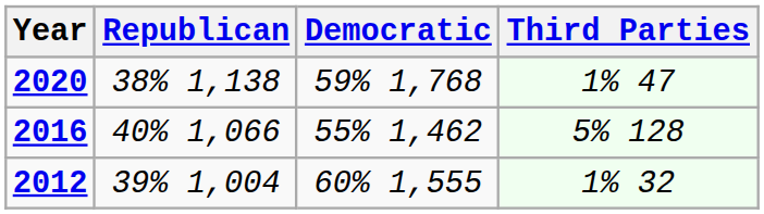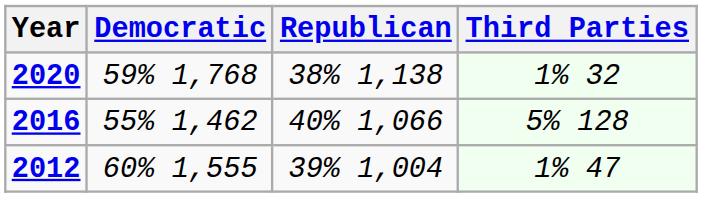 <table class="wikitable" style="float:right; font-size:95%;">
 <tr bgcolor=lightgrey>
 <th>Year</th>
+<th><a href='#'>Democratic</a></th>
 <th><a href='#'>Republican</a></th>
-<th><a href='#'>Democratic</a></th>
 <th><a href='#'>Third Parties</a></th>
 </tr>
 <tr>
 <td style="text-align:center; "><strong><a href='#'>2020</a></strong></td>
+<td style="text-align:center; "><em>59%</em> <em>1,768</em></td>
 <td style="text-align:center; "><em>38%</em> <em>1,138</em></td>
-<td style="text-align:center; "><em>59%</em> <em>1,768</em></td>
-<td style="text-align:center; background:honeyDew;"><em>1%</em> <em>47</em></td>
+<td style="text-align:center; background:honeyDew;"><em>1%</em> <em>32</em></td>
 </tr>
 <tr>
 <td style="text-align:center; "><strong><a href='#'>2016</a></strong></td>
+<td style="text-align:center; "><em>55%</em> <em>1,462</em></td>
 <td style="text-align:center; "><em>40%</em> <em>1,066</em></td>
-<td style="text-align:center; "><em>55%</em> <em>1,462</em></td>
 <td style="text-align:center; background:honeyDew;"><em>5%</em> <em>128</em></td>
 </tr>
 <tr>
 <td style="text-align:center; "><strong><a href='#'>2012</a></strong></td>
+<td style="text-align:center; "><em>60%</em> <em>1,555</em></td>
 <td style="text-align:center; "><em>39%</em> <em>1,004</em></td>
-<td style="text-align:center; "><em>60%</em> <em>1,555</em></td>
-<td style="text-align:center; background:honeyDew;"><em>1%</em> <em>32</em></td>
+<td style="text-align:center; background:honeyDew;"><em>1%</em> <em>47</em></td>
 </tr>
 </table>
